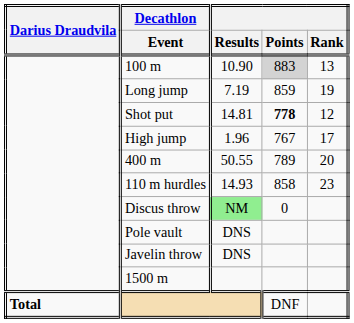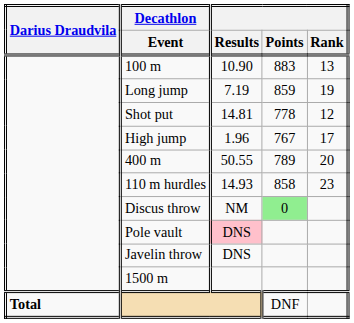 <table class=wikitable style="font-size:90%; border: double;">
 <tr>
 <th style="border-right:double" rowspan="2"><a href='#'>Darius Draudvila</a></th>
 <th style="border-right:double"><a href='#'>Decathlon</a></th>
 <th colspan="3"></th>
 </tr>
 <tr>
 <th style="border-right:double">Event</th>
 <th>Results</th>
 <th>Points</th>
 <th>Rank</th>
 </tr>
 <tr style="border-top: double;">
 <td style="border-right:double" rowspan="10"></td>
 <td style="border-right:double">100 m</td>
 <td align=center>10.90</td>
-<td align=center style="background: lightgrey;">883</td>
+<td align=center>883</td>
 <td align=center>13</td>
 </tr>
 <tr>
 <td style="border-right:double">Long jump</td>
 <td align=center>7.19</td>
 <td align=center>859</td>
 <td align=center>19</td>
 </tr>
 <tr>
 <td style="border-right:double">Shot put</td>
 <td align=center>14.81</td>
-<td align=center><strong>778</strong></td>
+<td align=center>778</td>
 <td align=center>12</td>
 </tr>
 <tr>
 <td style="border-right:double">High jump</td>
 <td align=center>1.96</td>
 <td align=center>767</td>
 <td align=center>17</td>
 </tr>
 <tr>
 <td style="border-right:double">400 m</td>
 <td align=center>50.55</td>
 <td align=center>789</td>
 <td align=center>20</td>
 </tr>
 <tr>
 <td style="border-right:double">110 m hurdles</td>
 <td align=center>14.93</td>
 <td align=center>858</td>
 <td align=center>23</td>
 </tr>
 <tr>
 <td style="border-right:double">Discus throw</td>
-<td align=center style="background: lightgreen;">NM</td>
-<td align=center>0</td>
+<td align=center>NM</td>
+<td align=center style="background: lightgreen;">0</td>
 <td align=center></td>
 </tr>
 <tr>
 <td style="border-right:double">Pole vault</td>
-<td align=center>DNS</td>
+<td align=center style="background: pink;">DNS</td>
 <td align=center></td>
 <td align=center></td>
 </tr>
 <tr>
 <td style="border-right:double">Javelin throw</td>
 <td align=center>DNS</td>
 <td align=center></td>
 <td align=center></td>
 </tr>
 <tr>
 <td style="border-right:double">1500 m</td>
 <td align=center></td>
 <td align=center></td>
 <td align=center></td>
 </tr>
 <tr style="border-top: double;">
 <td style="border-right:double"><strong>Total</strong></td>
 <td colspan="2" style="background:wheat; border-right:double;"></td>
 <td align=center>DNF</td>
 <td align=center></td>
 </tr>
 </table>
